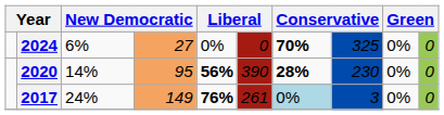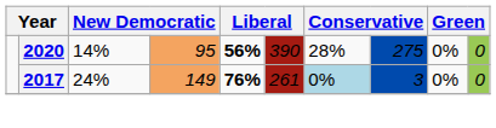 <table class="wikitable" style="float:right; width:400; font-size:90%; margin-right:1em;">
 <tr>
 <th colspan="2" scope="col">Year</th>
 <th colspan="2" scope="col"><a href='#'>New Democratic</a></th>
 <th colspan="2" scope="col"><a href='#'>Liberal</a></th>
 <th colspan="2" scope="col"><a href='#'>Conservative</a></th>
 <th colspan="2" scope="col"><a href='#'>Green</a></th>
 </tr>
 <tr>
-<td rowspan="1" style="width: 0.25em; background-color: "></td>
-<th><a href='#'>2024</a></th>
-<td>6%</td>
-<td style="text-align:right; background:#F4A460;"><em>27</em></td>
-<td>0%</td>
-<td style="text-align:right; background:#A51B12;"><em>0</em></td>
-<td><span> <strong>70%</strong></span></td>
-<td style="text-align:right; background:#004AAD;"><span> <em>325</em></span></td>
-<td>0%</td>
-<td style="text-align:right; background:#99C955;"><em>0</em></td>
-</tr>
-<tr>
 <td rowspan="2" style="width: 0.25em; background-color: "></td>
 <th><a href='#'>2020</a></th>
 <td>14%</td>
 <td style="text-align:right; background:#F4A460;"><em>95</em></td>
 <td><span> <strong>56%</strong></span></td>
 <td style="text-align:right; background:#A51B12;"><span> <em>390</em></span></td>
-<td><strong>28%</strong></td>
-<td style="text-align:right; background:#004AAD;"><em>230</em></td>
+<td>28%</td>
+<td style="text-align:right; background:#004AAD;"><em>275</em></td>
 <td>0%</td>
 <td style="text-align:right; background:#99C955;"><em>0</em></td>
 </tr>
 <tr>
 <th><a href='#'>2017</a></th>
 <td>24%</td>
 <td style="text-align:right; background:#F4A460;"><em>149</em></td>
 <td><span> <strong>76%</strong></span></td>
 <td style="text-align:right; background:#A51B12;"><span> <em>261</em></span></td>
 <td style="background: lightblue;">0%</td>
 <td style="text-align:right; background:#004AAD;"><em>3</em></td>
 <td>0%</td>
 <td style="text-align:right; background:#99C955;"><em>0</em></td>
 </tr>
 <tr>
 </tr>
 </table>
